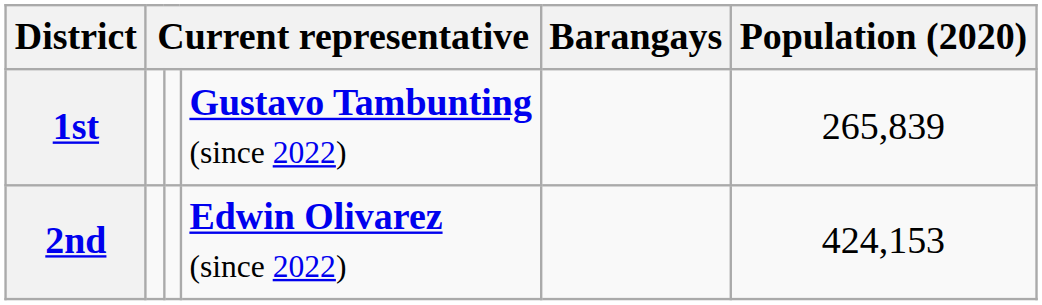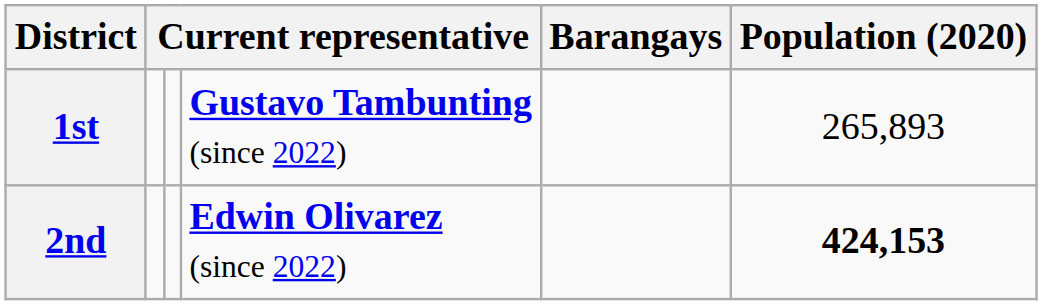 <table class="wikitable sortable" style="margin: 1em auto; font-size:100%; line-height:20px; text-align:center">
 <tr>
 <th>District</th>
 <th colspan="3">Current representative</th>
 <th>Barangays</th>
 <th>Population (2020)</th>
 </tr>
 <tr>
 <th><a href='#'>1st</a></th>
 <td style="background:"></td>
 <td></td>
 <td style="text-align:left;"><strong><a href='#'>Gustavo Tambunting</a></strong><br><small>(since <a href='#'>2022</a>)</small></td>
 <td></td>
-<td>265,839</td>
+<td>265,893</td>
 </tr>
 <tr>
 <th><a href='#'>2nd</a></th>
 <td style="background:"></td>
 <td></td>
 <td style="text-align:left;"><strong><a href='#'>Edwin Olivarez</a></strong><br><small>(since <a href='#'>2022</a>)</small></td>
 <td></td>
-<td>424,153</td>
+<td><strong>424,153</strong></td>
 </tr>
 </table>
